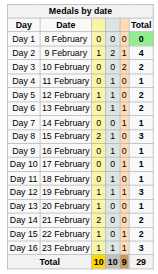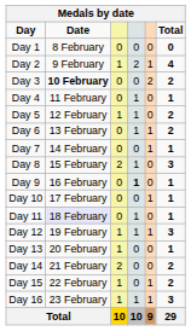 <table class=wikitable style="font-size:85%;float:right;clear:right;">
 <tr bgcolor=efefef>
 <th colspan=6>Medals by date</th>
 </tr>
 <tr align=center>
 <td><strong>Day</strong></td>
 <td><strong>Date</strong></td>
 <td bgcolor=#f7f6a8></td>
 <td bgcolor=#dce5e5></td>
 <td bgcolor=#ffdab9></td>
 <td><strong>Total</strong></td>
 </tr>
 <tr align=center>
 <td>Day 1</td>
 <td>8 February</td>
 <td bgcolor=F7F6A8>0</td>
 <td bgcolor=DCE5E5>0</td>
 <td bgcolor=FFDAB9>0</td>
-<td style="background: lightgreen;"><strong>0</strong></td>
+<td><strong>0</strong></td>
 </tr>
 <tr align=center>
 <td>Day 2</td>
 <td>9 February</td>
 <td bgcolor=F7F6A8>1</td>
 <td bgcolor=DCE5E5>2</td>
 <td bgcolor=FFDAB9>1</td>
 <td><strong>4</strong></td>
 </tr>
 <tr align=center>
 <td>Day 3</td>
-<td>10 February</td>
+<td><strong>10 February</strong></td>
 <td bgcolor=F7F6A8>0</td>
 <td bgcolor=DCE5E5>0</td>
 <td bgcolor=FFDAB9>2</td>
 <td><strong>2</strong></td>
 </tr>
 <tr align=center>
 <td>Day 4</td>
 <td>11 February</td>
 <td bgcolor=F7F6A8>0</td>
 <td bgcolor=DCE5E5>1</td>
 <td bgcolor=FFDAB9>0</td>
 <td><strong>1</strong></td>
 </tr>
 <tr align=center>
 <td>Day 5</td>
 <td>12 February</td>
 <td bgcolor=F7F6A8>1</td>
 <td bgcolor=DCE5E5>1</td>
 <td bgcolor=FFDAB9>0</td>
 <td><strong>2</strong></td>
 </tr>
 <tr align=center>
 <td>Day 6</td>
 <td>13 February</td>
 <td bgcolor=F7F6A8>0</td>
 <td bgcolor=DCE5E5>1</td>
 <td bgcolor=FFDAB9>1</td>
 <td><strong>2</strong></td>
 </tr>
 <tr align=center>
 <td>Day 7</td>
 <td>14 February</td>
 <td bgcolor=F7F6A8>0</td>
 <td bgcolor=DCE5E5>0</td>
 <td bgcolor=FFDAB9>1</td>
 <td><strong>1</strong></td>
 </tr>
 <tr align=center>
 <td>Day 8</td>
 <td>15 February</td>
 <td bgcolor=F7F6A8>2</td>
 <td bgcolor=DCE5E5>1</td>
 <td bgcolor=FFDAB9>0</td>
 <td><strong>3</strong></td>
 </tr>
 <tr align=center>
 <td>Day 9</td>
 <td>16 February</td>
 <td bgcolor=F7F6A8>0</td>
-<td bgcolor=DCE5E5>1</td>
+<td bgcolor=DCE5E5><strong>1</strong></td>
 <td bgcolor=FFDAB9>0</td>
 <td><strong>1</strong></td>
 </tr>
 <tr align=center>
 <td>Day 10</td>
 <td>17 February</td>
 <td bgcolor=F7F6A8>0</td>
 <td bgcolor=DCE5E5>0</td>
 <td bgcolor=FFDAB9>1</td>
 <td><strong>1</strong></td>
 </tr>
 <tr align=center>
 <td>Day 11</td>
-<td>18 February</td>
+<td style="background: lavender;">18 February</td>
 <td bgcolor=F7F6A8>0</td>
 <td bgcolor=DCE5E5>1</td>
 <td bgcolor=FFDAB9>0</td>
 <td><strong>1</strong></td>
 </tr>
 <tr align=center>
 <td>Day 12</td>
 <td>19 February</td>
 <td bgcolor=F7F6A8>1</td>
 <td bgcolor=DCE5E5>1</td>
 <td bgcolor=FFDAB9>1</td>
 <td><strong>3</strong></td>
 </tr>
 <tr align=center>
 <td>Day 13</td>
 <td>20 February</td>
 <td bgcolor=F7F6A8>1</td>
 <td bgcolor=DCE5E5>0</td>
 <td bgcolor=FFDAB9>0</td>
 <td><strong>1</strong></td>
 </tr>
 <tr align=center>
 <td>Day 14</td>
 <td>21 February</td>
 <td bgcolor=F7F6A8>2</td>
 <td bgcolor=DCE5E5>0</td>
 <td bgcolor=FFDAB9>0</td>
 <td><strong>2</strong></td>
 </tr>
 <tr align=center>
 <td>Day 15</td>
 <td>22 February</td>
 <td bgcolor=F7F6A8>1</td>
 <td bgcolor=DCE5E5>0</td>
 <td bgcolor=FFDAB9>1</td>
 <td><strong>2</strong></td>
 </tr>
 <tr align=center>
 <td>Day 16</td>
 <td>23 February</td>
 <td bgcolor=F7F6A8>1</td>
 <td bgcolor=DCE5E5>1</td>
 <td bgcolor=FFDAB9>1</td>
 <td><strong>3</strong></td>
 </tr>
 <tr>
 <th colspan=2>Total</th>
 <th style="background:gold">10</th>
 <th style="background:silver">10</th>
 <th style="background:#c96">9</th>
 <th>29</th>
 </tr>
 </table>
